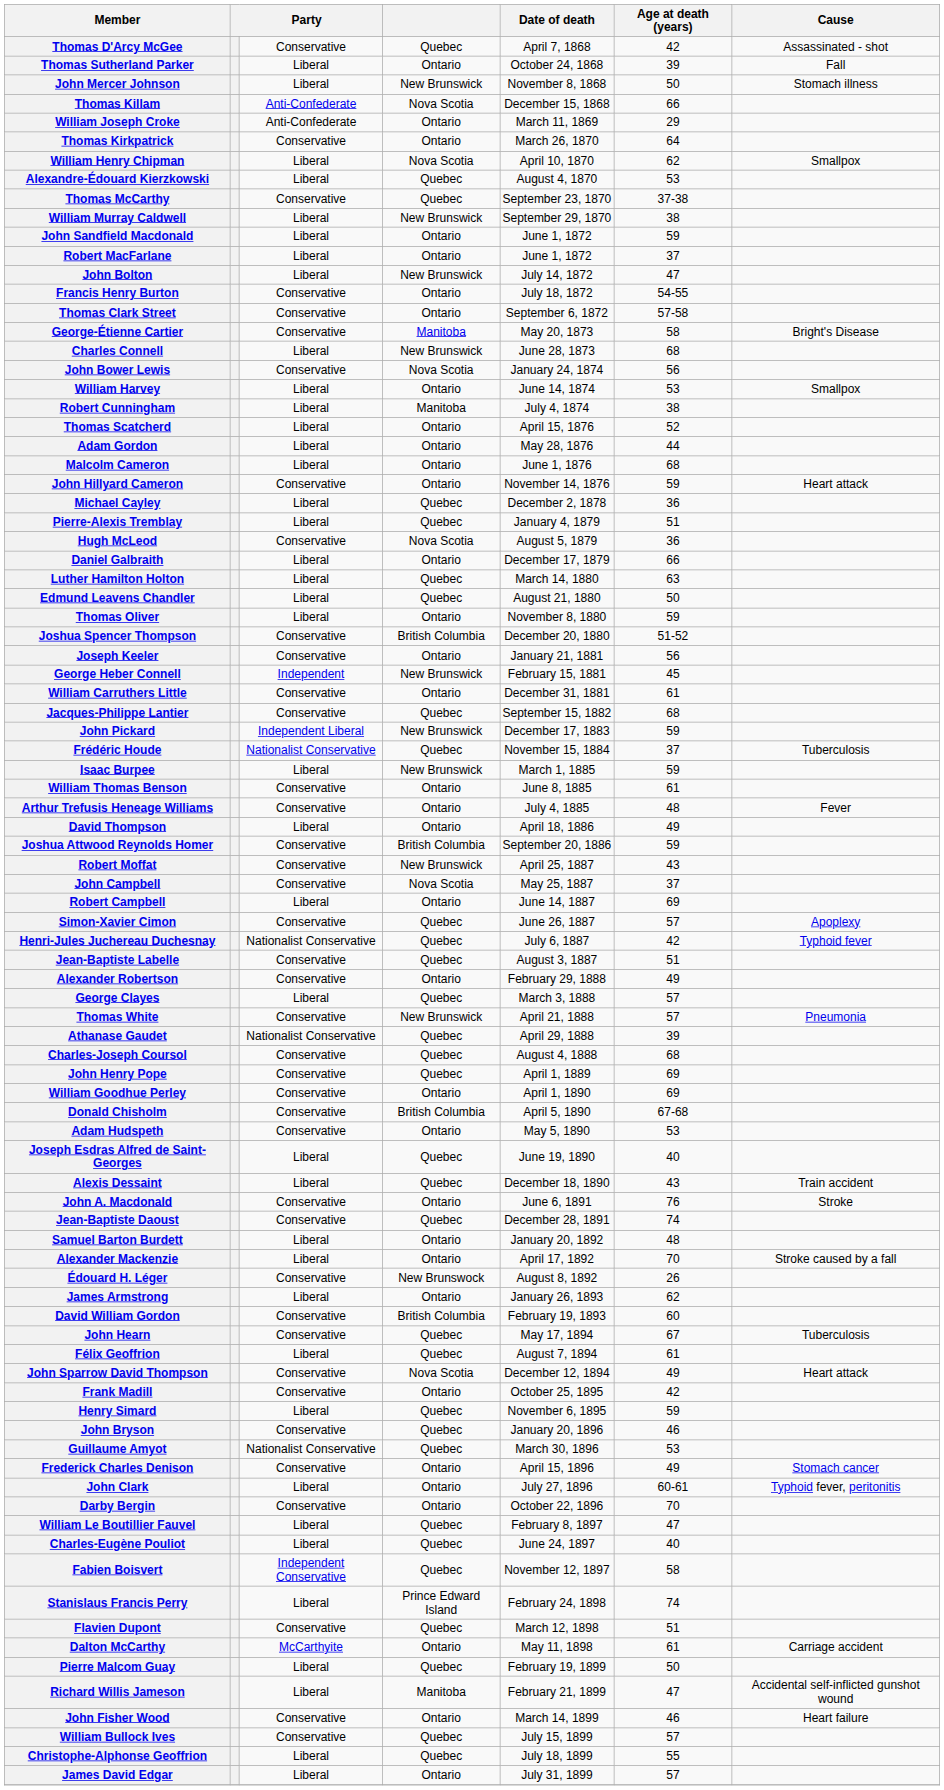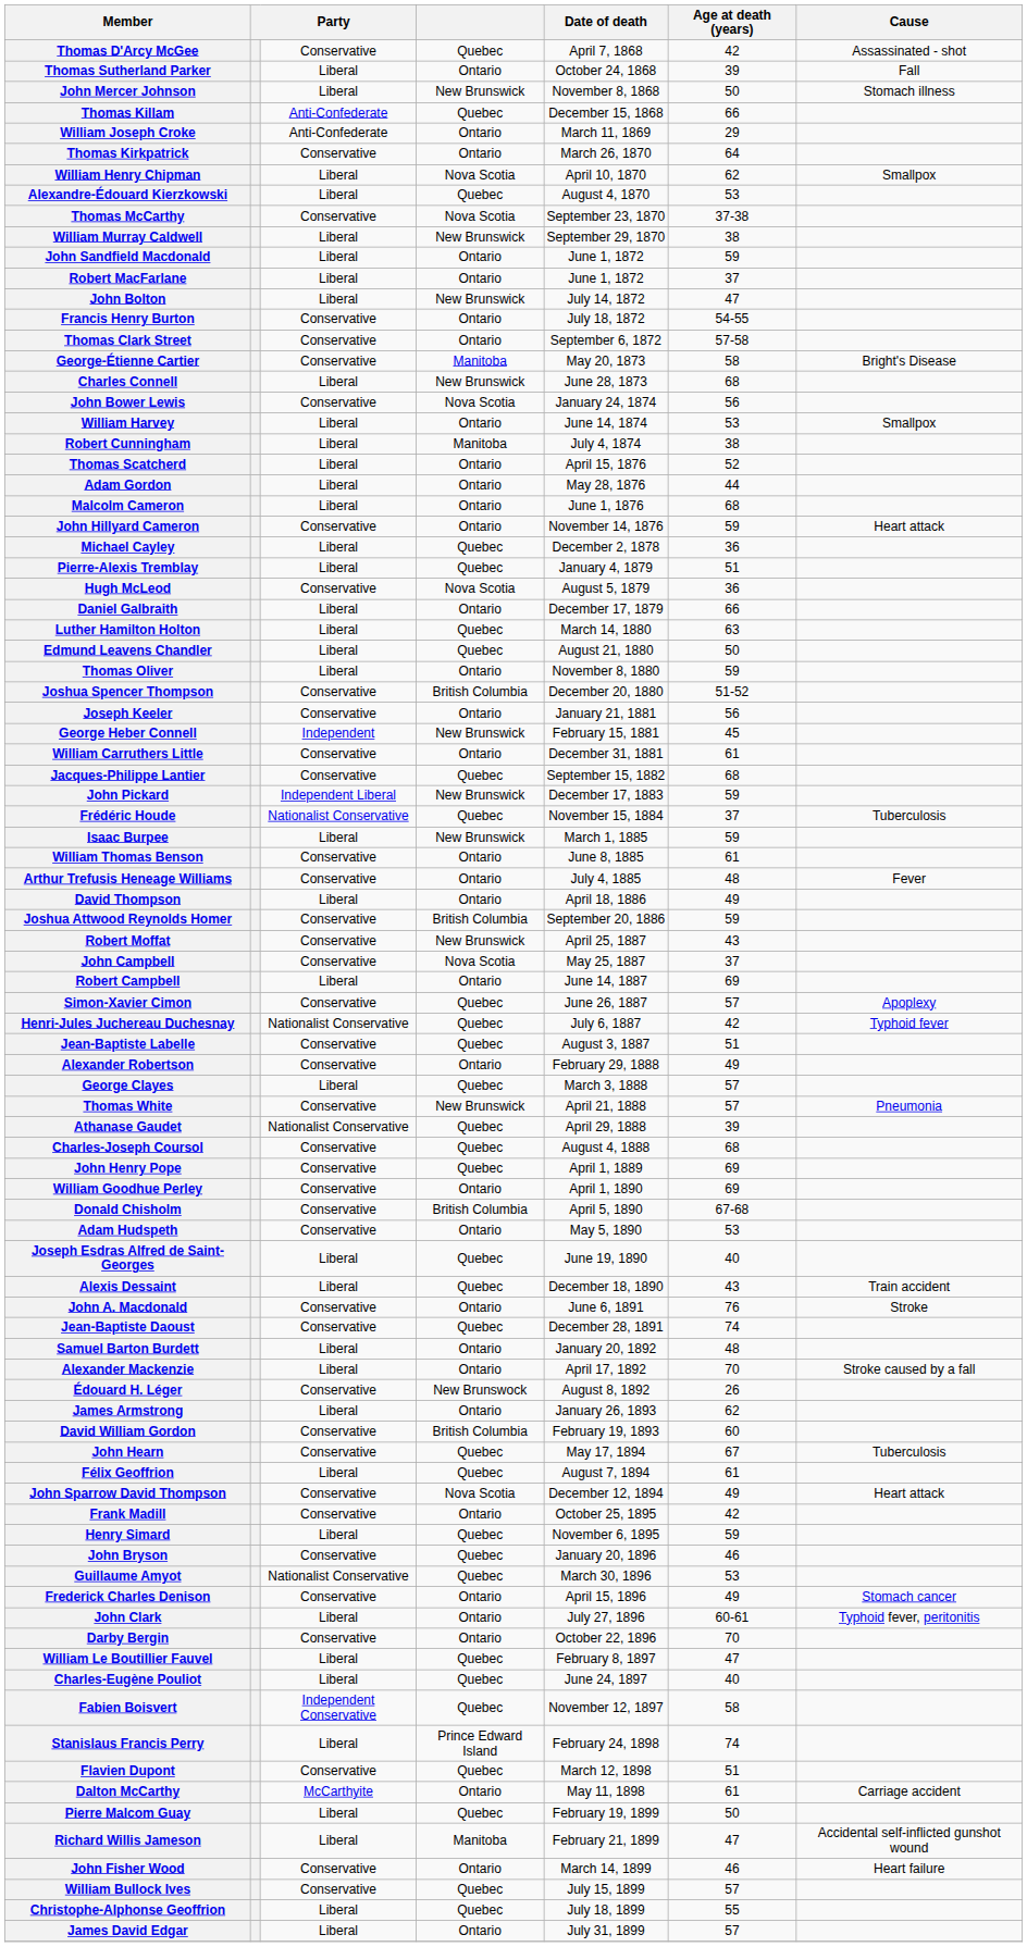 <table class="wikitable sortable" style="text-align:center">
 <tr>
 <th>Member</th>
 <th colspan=2>Party</th>
 <th></th>
 <th>Date of death</th>
 <th>Age at death (years)</th>
 <th>Cause</th>
 </tr>
 <tr>
 <th><a href='#'>Thomas D'Arcy McGee</a></th>
 <th style="background:"> </th>
 <td>Conservative</td>
 <td>Quebec<br></td>
 <td nowrap>April 7, 1868</td>
 <td nowrap>42</td>
 <td>Assassinated - shot</td>
 </tr>
 <tr>
 <th><a href='#'>Thomas Sutherland Parker</a></th>
 <th style="background:"> </th>
 <td>Liberal</td>
 <td>Ontario<br></td>
 <td nowrap>October 24, 1868</td>
 <td nowrap>39</td>
 <td>Fall</td>
 </tr>
 <tr>
 <th><a href='#'>John Mercer Johnson</a></th>
 <th style="background:"> </th>
 <td>Liberal</td>
 <td>New Brunswick<br></td>
 <td nowrap>November 8, 1868</td>
 <td nowrap>50</td>
 <td>Stomach illness</td>
 </tr>
 <tr>
 <th><a href='#'>Thomas Killam</a></th>
 <th style="background:"> </th>
 <td><a href='#'>Anti-Confederate</a></td>
-<td>Nova Scotia<br></td>
+<td>Quebec<br></td>
 <td nowrap>December 15, 1868</td>
 <td nowrap>66</td>
 <td></td>
 </tr>
 <tr>
 <th><a href='#'>William Joseph Croke</a></th>
 <th style="background:"> </th>
 <td>Anti-Confederate</td>
 <td>Ontario<br></td>
 <td nowrap>March 11, 1869</td>
 <td nowrap>29</td>
 <td></td>
 </tr>
 <tr>
 <th><a href='#'>Thomas Kirkpatrick</a></th>
 <th style="background:"> </th>
 <td>Conservative</td>
 <td>Ontario<br></td>
 <td nowrap>March 26, 1870</td>
 <td nowrap>64</td>
 <td></td>
 </tr>
 <tr>
 <th><a href='#'>William Henry Chipman</a></th>
 <th style="background:"> </th>
 <td>Liberal</td>
 <td>Nova Scotia<br></td>
 <td nowrap>April 10, 1870</td>
 <td nowrap>62</td>
 <td>Smallpox</td>
 </tr>
 <tr>
 <th><a href='#'>Alexandre-Édouard Kierzkowski</a></th>
 <th style="background:"> </th>
 <td>Liberal</td>
 <td>Quebec<br></td>
 <td nowrap>August 4, 1870</td>
 <td nowrap>53</td>
 <td></td>
 </tr>
 <tr>
 <th><a href='#'>Thomas McCarthy</a></th>
 <th style="background:"> </th>
 <td>Conservative</td>
-<td>Quebec<br></td>
+<td>Nova Scotia<br></td>
 <td nowrap>September 23, 1870</td>
 <td nowrap>37-38</td>
 <td></td>
 </tr>
 <tr>
 <th><a href='#'>William Murray Caldwell</a></th>
 <th style="background:"> </th>
 <td>Liberal</td>
 <td>New Brunswick<br></td>
 <td nowrap>September 29, 1870</td>
 <td nowrap>38</td>
 <td></td>
 </tr>
 <tr>
 <th><a href='#'>John Sandfield Macdonald</a></th>
 <th style="background:"> </th>
 <td>Liberal</td>
 <td>Ontario<br></td>
 <td nowrap>June 1, 1872</td>
 <td nowrap>59</td>
 <td></td>
 </tr>
 <tr>
 <th><a href='#'>Robert MacFarlane</a></th>
 <th style="background:"> </th>
 <td>Liberal</td>
 <td>Ontario<br></td>
 <td nowrap>June 1, 1872</td>
 <td nowrap>37</td>
 <td></td>
 </tr>
 <tr>
 <th><a href='#'>John Bolton</a></th>
 <th style="background:"> </th>
 <td>Liberal</td>
 <td>New Brunswick<br></td>
 <td nowrap>July 14, 1872</td>
 <td nowrap>47</td>
 <td></td>
 </tr>
 <tr>
 <th><a href='#'>Francis Henry Burton</a></th>
 <th style="background:"> </th>
 <td>Conservative</td>
 <td>Ontario<br></td>
 <td nowrap>July 18, 1872</td>
 <td nowrap>54-55</td>
 <td></td>
 </tr>
 <tr>
 <th><a href='#'>Thomas Clark Street</a></th>
 <th style="background:"> </th>
 <td>Conservative</td>
 <td>Ontario<br></td>
 <td nowrap>September 6, 1872</td>
 <td nowrap>57-58</td>
 <td></td>
 </tr>
 <tr>
 <th><a href='#'>George-Étienne Cartier</a></th>
 <th style="background:"> </th>
 <td>Conservative</td>
 <td><a href='#'>Manitoba</a><br></td>
 <td nowrap>May 20, 1873</td>
 <td nowrap>58</td>
 <td>Bright's Disease</td>
 </tr>
 <tr>
 <th><a href='#'>Charles Connell</a></th>
 <th style="background:"> </th>
 <td>Liberal</td>
 <td>New Brunswick<br></td>
 <td nowrap>June 28, 1873</td>
 <td nowrap>68</td>
 <td></td>
 </tr>
 <tr>
 <th><a href='#'>John Bower Lewis</a></th>
 <th style="background:"> </th>
 <td>Conservative</td>
 <td>Nova Scotia<br></td>
 <td nowrap>January 24, 1874</td>
 <td nowrap>56</td>
 <td></td>
 </tr>
 <tr>
 <th><a href='#'>William Harvey</a></th>
 <th style="background:"> </th>
 <td>Liberal</td>
 <td>Ontario<br></td>
 <td nowrap>June 14, 1874</td>
 <td nowrap>53</td>
 <td>Smallpox</td>
 </tr>
 <tr>
 <th><a href='#'>Robert Cunningham</a></th>
 <th style="background:"> </th>
 <td>Liberal</td>
 <td>Manitoba<br></td>
 <td nowrap>July 4, 1874</td>
 <td nowrap>38</td>
 <td></td>
 </tr>
 <tr>
 <th><a href='#'>Thomas Scatcherd</a></th>
 <th style="background:"> </th>
 <td>Liberal</td>
 <td>Ontario<br></td>
 <td nowrap>April 15, 1876</td>
 <td nowrap>52</td>
 <td></td>
 </tr>
 <tr>
 <th><a href='#'>Adam Gordon</a></th>
 <th style="background:"> </th>
 <td>Liberal</td>
 <td>Ontario<br></td>
 <td nowrap>May 28, 1876</td>
 <td nowrap>44</td>
 <td></td>
 </tr>
 <tr>
 <th><a href='#'>Malcolm Cameron</a></th>
 <th style="background:"> </th>
 <td>Liberal</td>
 <td>Ontario<br></td>
 <td nowrap>June 1, 1876</td>
 <td nowrap>68</td>
 <td></td>
 </tr>
 <tr>
 <th><a href='#'>John Hillyard Cameron</a></th>
 <th style="background:"> </th>
 <td>Conservative</td>
 <td>Ontario<br></td>
 <td nowrap>November 14, 1876</td>
 <td nowrap>59</td>
 <td>Heart attack</td>
 </tr>
 <tr>
 <th><a href='#'>Michael Cayley</a></th>
 <th style="background:"> </th>
 <td>Liberal</td>
 <td>Quebec<br></td>
 <td nowrap>December 2, 1878</td>
 <td nowrap>36</td>
 <td></td>
 </tr>
 <tr>
 <th><a href='#'>Pierre-Alexis Tremblay</a></th>
 <th style="background:"> </th>
 <td>Liberal</td>
 <td>Quebec<br></td>
 <td nowrap>January 4, 1879</td>
 <td nowrap>51</td>
 <td></td>
 </tr>
 <tr>
 <th><a href='#'>Hugh McLeod</a></th>
 <th style="background:"> </th>
 <td>Conservative</td>
 <td>Nova Scotia<br></td>
 <td nowrap>August 5, 1879</td>
 <td nowrap>36</td>
 <td></td>
 </tr>
 <tr>
 <th><a href='#'>Daniel Galbraith</a></th>
 <th style="background:"> </th>
 <td>Liberal</td>
 <td>Ontario<br></td>
 <td nowrap>December 17, 1879</td>
 <td nowrap>66</td>
 <td></td>
 </tr>
 <tr>
 <th><a href='#'>Luther Hamilton Holton</a></th>
 <th style="background:"> </th>
 <td>Liberal</td>
 <td>Quebec<br></td>
 <td nowrap>March 14, 1880</td>
 <td nowrap>63</td>
 <td></td>
 </tr>
 <tr>
 <th><a href='#'>Edmund Leavens Chandler</a></th>
 <th style="background:"> </th>
 <td>Liberal</td>
 <td>Quebec<br></td>
 <td nowrap>August 21, 1880</td>
 <td nowrap>50</td>
 <td></td>
 </tr>
 <tr>
 <th><a href='#'>Thomas Oliver</a></th>
 <th style="background:"> </th>
 <td>Liberal</td>
 <td>Ontario<br></td>
 <td nowrap>November 8, 1880</td>
 <td nowrap>59</td>
 <td></td>
 </tr>
 <tr>
 <th><a href='#'>Joshua Spencer Thompson</a></th>
 <th style="background:"> </th>
 <td>Conservative</td>
 <td>British Columbia<br></td>
 <td nowrap>December 20, 1880</td>
 <td nowrap>51-52</td>
 <td></td>
 </tr>
 <tr>
 <th><a href='#'>Joseph Keeler</a></th>
 <th style="background:"> </th>
 <td>Conservative</td>
 <td>Ontario<br></td>
 <td nowrap>January 21, 1881</td>
 <td nowrap>56</td>
 <td></td>
 </tr>
 <tr>
 <th><a href='#'>George Heber Connell</a></th>
 <th style="background:"> </th>
 <td><a href='#'>Independent</a></td>
 <td>New Brunswick<br></td>
 <td nowrap>February 15, 1881</td>
 <td nowrap>45</td>
 <td></td>
 </tr>
 <tr>
 <th><a href='#'>William Carruthers Little</a></th>
 <th style="background:"> </th>
 <td>Conservative</td>
 <td>Ontario<br></td>
 <td nowrap>December 31, 1881</td>
 <td nowrap>61</td>
 <td></td>
 </tr>
 <tr>
 <th><a href='#'>Jacques-Philippe Lantier</a></th>
 <th style="background:"> </th>
 <td>Conservative</td>
 <td>Quebec<br></td>
 <td nowrap>September 15, 1882</td>
 <td nowrap>68</td>
 <td></td>
 </tr>
 <tr>
 <th><a href='#'>John Pickard</a></th>
 <th style="background:"> </th>
 <td><a href='#'>Independent Liberal</a></td>
 <td>New Brunswick<br></td>
 <td nowrap>December 17, 1883</td>
 <td nowrap>59</td>
 <td></td>
 </tr>
 <tr>
 <th><a href='#'>Frédéric Houde</a></th>
 <th style="background:"> </th>
 <td><a href='#'>Nationalist Conservative</a></td>
 <td>Quebec<br></td>
 <td nowrap>November 15, 1884</td>
 <td nowrap>37</td>
 <td>Tuberculosis</td>
 </tr>
 <tr>
 <th><a href='#'>Isaac Burpee</a></th>
 <th style="background:"> </th>
 <td>Liberal</td>
 <td>New Brunswick<br></td>
 <td nowrap>March 1, 1885</td>
 <td nowrap>59</td>
 <td></td>
 </tr>
 <tr>
 <th><a href='#'>William Thomas Benson</a></th>
 <th style="background:"> </th>
 <td>Conservative</td>
 <td>Ontario<br></td>
 <td nowrap>June 8, 1885</td>
 <td nowrap>61</td>
 <td></td>
 </tr>
 <tr>
 <th><a href='#'>Arthur Trefusis Heneage Williams</a></th>
 <th style="background:"> </th>
 <td>Conservative</td>
 <td>Ontario<br></td>
 <td nowrap>July 4, 1885</td>
 <td nowrap>48</td>
 <td>Fever</td>
 </tr>
 <tr>
 <th><a href='#'>David Thompson</a></th>
 <th style="background:"> </th>
 <td>Liberal</td>
 <td>Ontario<br></td>
 <td nowrap>April 18, 1886</td>
 <td nowrap>49</td>
 <td></td>
 </tr>
 <tr>
 <th><a href='#'>Joshua Attwood Reynolds Homer</a></th>
 <th style="background:"> </th>
 <td>Conservative</td>
 <td>British Columbia<br></td>
 <td nowrap>September 20, 1886</td>
 <td nowrap>59</td>
 <td></td>
 </tr>
 <tr>
 <th><a href='#'>Robert Moffat</a></th>
 <th style="background:"> </th>
 <td>Conservative</td>
 <td>New Brunswick<br></td>
 <td nowrap>April 25, 1887</td>
 <td nowrap>43</td>
 <td></td>
 </tr>
 <tr>
 <th><a href='#'>John Campbell</a></th>
 <th style="background:"> </th>
 <td>Conservative</td>
 <td>Nova Scotia<br></td>
 <td nowrap>May 25, 1887</td>
 <td nowrap>37</td>
 <td></td>
 </tr>
 <tr>
 <th><a href='#'>Robert Campbell</a></th>
 <th style="background:"> </th>
 <td>Liberal</td>
 <td>Ontario<br></td>
 <td nowrap>June 14, 1887</td>
 <td nowrap>69</td>
 <td></td>
 </tr>
 <tr>
 <th><a href='#'>Simon-Xavier Cimon</a></th>
 <th style="background:"> </th>
 <td>Conservative</td>
 <td>Quebec<br></td>
 <td nowrap>June 26, 1887</td>
 <td nowrap>57</td>
 <td><a href='#'>Apoplexy</a></td>
 </tr>
 <tr>
 <th><a href='#'>Henri-Jules Juchereau Duchesnay</a></th>
 <th style="background:"> </th>
 <td>Nationalist Conservative</td>
 <td>Quebec<br></td>
 <td nowrap>July 6, 1887</td>
 <td nowrap>42</td>
 <td><a href='#'>Typhoid fever</a></td>
 </tr>
 <tr>
 <th><a href='#'>Jean-Baptiste Labelle</a></th>
 <th style="background:"> </th>
 <td>Conservative</td>
 <td>Quebec<br></td>
 <td nowrap>August 3, 1887</td>
 <td nowrap>51</td>
 <td></td>
 </tr>
 <tr>
 <th><a href='#'>Alexander Robertson</a></th>
 <th style="background:"> </th>
 <td>Conservative</td>
 <td>Ontario<br></td>
 <td nowrap>February 29, 1888</td>
 <td nowrap>49</td>
 <td></td>
 </tr>
 <tr>
 <th><a href='#'>George Clayes</a></th>
 <th style="background:"> </th>
 <td>Liberal</td>
 <td>Quebec<br></td>
 <td nowrap>March 3, 1888</td>
 <td nowrap>57</td>
 <td></td>
 </tr>
 <tr>
 <th><a href='#'>Thomas White</a></th>
 <th style="background:"> </th>
 <td>Conservative</td>
 <td>New Brunswick<br></td>
 <td nowrap>April 21, 1888</td>
 <td nowrap>57</td>
 <td><a href='#'>Pneumonia</a></td>
 </tr>
 <tr>
 <th><a href='#'>Athanase Gaudet</a></th>
 <th style="background:"> </th>
 <td>Nationalist Conservative</td>
 <td>Quebec<br></td>
 <td nowrap>April 29, 1888</td>
 <td nowrap>39</td>
 <td></td>
 </tr>
 <tr>
 <th><a href='#'>Charles-Joseph Coursol</a></th>
 <th style="background:"> </th>
 <td>Conservative</td>
 <td>Quebec<br></td>
 <td nowrap>August 4, 1888</td>
 <td nowrap>68</td>
 <td></td>
 </tr>
 <tr>
 <th><a href='#'>John Henry Pope</a></th>
 <th style="background:"> </th>
 <td>Conservative</td>
 <td>Quebec<br></td>
 <td nowrap>April 1, 1889</td>
 <td nowrap>69</td>
 <td></td>
 </tr>
 <tr>
 <th><a href='#'>William Goodhue Perley</a></th>
 <th style="background:"> </th>
 <td>Conservative</td>
 <td>Ontario<br></td>
 <td nowrap>April 1, 1890</td>
 <td nowrap>69</td>
 <td></td>
 </tr>
 <tr>
 <th><a href='#'>Donald Chisholm</a></th>
 <th style="background:"> </th>
 <td>Conservative</td>
 <td>British Columbia<br></td>
 <td nowrap>April 5, 1890</td>
 <td nowrap>67-68</td>
 <td></td>
 </tr>
 <tr>
 <th><a href='#'>Adam Hudspeth</a></th>
 <th style="background:"> </th>
 <td>Conservative</td>
 <td>Ontario<br></td>
 <td nowrap>May 5, 1890</td>
 <td nowrap>53</td>
 <td></td>
 </tr>
 <tr>
 <th><a href='#'>Joseph Esdras Alfred de Saint-Georges</a></th>
 <th style="background:"> </th>
 <td>Liberal</td>
 <td>Quebec<br></td>
 <td nowrap>June 19, 1890</td>
 <td nowrap>40</td>
 <td></td>
 </tr>
 <tr>
 <th><a href='#'>Alexis Dessaint</a></th>
 <th style="background:"> </th>
 <td>Liberal</td>
 <td>Quebec<br></td>
 <td nowrap>December 18, 1890</td>
 <td nowrap>43</td>
 <td>Train accident</td>
 </tr>
 <tr>
 <th><a href='#'>John A. Macdonald</a></th>
 <th style="background:"> </th>
 <td>Conservative</td>
 <td>Ontario<br></td>
 <td nowrap>June 6, 1891</td>
 <td nowrap>76</td>
 <td>Stroke</td>
 </tr>
 <tr>
 <th><a href='#'>Jean-Baptiste Daoust</a></th>
 <th style="background:"> </th>
 <td>Conservative</td>
 <td>Quebec<br></td>
 <td nowrap>December 28, 1891</td>
 <td nowrap>74</td>
 <td></td>
 </tr>
 <tr>
 <th><a href='#'>Samuel Barton Burdett</a></th>
 <th style="background:"> </th>
 <td>Liberal</td>
 <td>Ontario<br></td>
 <td nowrap>January 20, 1892</td>
 <td nowrap>48</td>
 <td></td>
 </tr>
 <tr>
 <th><a href='#'>Alexander Mackenzie</a></th>
 <th style="background:"> </th>
 <td>Liberal</td>
 <td>Ontario<br></td>
 <td nowrap>April 17, 1892</td>
 <td nowrap>70</td>
 <td>Stroke caused by a fall</td>
 </tr>
 <tr>
 <th><a href='#'>Édouard H. Léger</a></th>
 <th style="background:"> </th>
 <td>Conservative</td>
 <td>New Brunswock<br></td>
 <td nowrap>August 8, 1892</td>
 <td nowrap>26</td>
 <td></td>
 </tr>
 <tr>
 <th><a href='#'>James Armstrong</a></th>
 <th style="background:"> </th>
 <td>Liberal</td>
 <td>Ontario<br></td>
 <td nowrap>January 26, 1893</td>
 <td nowrap>62</td>
 <td></td>
 </tr>
 <tr>
 <th><a href='#'>David William Gordon</a></th>
 <th style="background:"> </th>
 <td>Conservative</td>
 <td>British Columbia<br></td>
 <td nowrap>February 19, 1893</td>
 <td nowrap>60</td>
 <td></td>
 </tr>
 <tr>
 <th><a href='#'>John Hearn</a></th>
 <th style="background:"> </th>
 <td>Conservative</td>
 <td>Quebec<br></td>
 <td nowrap>May 17, 1894</td>
 <td nowrap>67</td>
 <td>Tuberculosis</td>
 </tr>
 <tr>
 <th><a href='#'>Félix Geoffrion</a></th>
 <th style="background:"> </th>
 <td>Liberal</td>
 <td>Quebec<br></td>
 <td nowrap>August 7, 1894</td>
 <td nowrap>61</td>
 <td></td>
 </tr>
 <tr>
 <th><a href='#'>John Sparrow David Thompson</a></th>
 <th style="background:"> </th>
 <td>Conservative</td>
 <td>Nova Scotia<br></td>
 <td nowrap>December 12, 1894</td>
 <td nowrap>49</td>
 <td>Heart attack</td>
 </tr>
 <tr>
 <th><a href='#'>Frank Madill</a></th>
 <th style="background:"> </th>
 <td>Conservative</td>
 <td>Ontario<br></td>
 <td nowrap>October 25, 1895</td>
 <td nowrap>42</td>
 <td></td>
 </tr>
 <tr>
 <th><a href='#'>Henry Simard</a></th>
 <th style="background:"> </th>
 <td>Liberal</td>
 <td>Quebec<br></td>
 <td nowrap>November 6, 1895</td>
 <td nowrap>59</td>
 <td></td>
 </tr>
 <tr>
 <th><a href='#'>John Bryson</a></th>
 <th style="background:"> </th>
 <td>Conservative</td>
 <td>Quebec<br></td>
 <td nowrap>January 20, 1896</td>
 <td nowrap>46</td>
 <td></td>
 </tr>
 <tr>
 <th><a href='#'>Guillaume Amyot</a></th>
 <th style="background:"> </th>
 <td>Nationalist Conservative</td>
 <td>Quebec<br></td>
 <td nowrap>March 30, 1896</td>
 <td nowrap>53</td>
 <td></td>
 </tr>
 <tr>
 <th><a href='#'>Frederick Charles Denison</a></th>
 <th style="background:"> </th>
 <td>Conservative</td>
 <td>Ontario<br></td>
 <td nowrap>April 15, 1896</td>
 <td nowrap>49</td>
 <td><a href='#'>Stomach cancer</a></td>
 </tr>
 <tr>
 <th><a href='#'>John Clark</a></th>
 <th style="background:"> </th>
 <td>Liberal</td>
 <td>Ontario<br></td>
 <td nowrap>July 27, 1896</td>
 <td nowrap>60-61</td>
 <td><a href='#'>Typhoid</a> fever, <a href='#'>peritonitis</a></td>
 </tr>
 <tr>
 <th><a href='#'>Darby Bergin</a></th>
 <th style="background:"> </th>
 <td>Conservative</td>
 <td>Ontario<br></td>
 <td nowrap>October 22, 1896</td>
 <td nowrap>70</td>
 <td></td>
 </tr>
 <tr>
 <th><a href='#'>William Le Boutillier Fauvel</a></th>
 <th style="background:"> </th>
 <td>Liberal</td>
 <td>Quebec<br></td>
 <td nowrap>February 8, 1897</td>
 <td nowrap>47</td>
 <td></td>
 </tr>
 <tr>
 <th><a href='#'>Charles-Eugène Pouliot</a></th>
 <th style="background:"> </th>
 <td>Liberal</td>
 <td>Quebec<br></td>
 <td nowrap>June 24, 1897</td>
 <td nowrap>40</td>
 <td></td>
 </tr>
 <tr>
 <th><a href='#'>Fabien Boisvert</a></th>
 <th style="background:"> </th>
 <td><a href='#'>Independent Conservative</a></td>
 <td>Quebec<br></td>
 <td nowrap>November 12, 1897</td>
 <td nowrap>58</td>
 <td></td>
 </tr>
 <tr>
 <th><a href='#'>Stanislaus Francis Perry</a></th>
 <th style="background:"> </th>
 <td>Liberal</td>
 <td>Prince Edward Island<br></td>
 <td nowrap>February 24, 1898</td>
 <td nowrap>74</td>
 <td></td>
 </tr>
 <tr>
 <th><a href='#'>Flavien Dupont</a></th>
 <th style="background:"> </th>
 <td>Conservative</td>
 <td>Quebec<br></td>
 <td nowrap>March 12, 1898</td>
 <td nowrap>51</td>
 <td></td>
 </tr>
 <tr>
 <th><a href='#'>Dalton McCarthy</a></th>
 <th style="background:"> </th>
 <td><a href='#'>McCarthyite</a></td>
 <td>Ontario<br></td>
 <td nowrap>May 11, 1898</td>
 <td nowrap>61</td>
 <td>Carriage accident</td>
 </tr>
 <tr>
 <th><a href='#'>Pierre Malcom Guay</a></th>
 <th style="background:"> </th>
 <td>Liberal</td>
 <td>Quebec<br></td>
 <td nowrap>February 19, 1899</td>
 <td nowrap>50</td>
 <td></td>
 </tr>
 <tr>
 <th><a href='#'>Richard Willis Jameson</a></th>
 <th style="background:"> </th>
 <td>Liberal</td>
 <td>Manitoba<br></td>
 <td nowrap>February 21, 1899</td>
 <td nowrap>47</td>
 <td>Accidental self-inflicted gunshot wound</td>
 </tr>
 <tr>
 <th><a href='#'>John Fisher Wood</a></th>
 <th style="background:"> </th>
 <td>Conservative</td>
 <td>Ontario<br></td>
 <td nowrap>March 14, 1899</td>
 <td nowrap>46</td>
 <td>Heart failure</td>
 </tr>
 <tr>
 <th><a href='#'>William Bullock Ives</a></th>
 <th style="background:"> </th>
 <td>Conservative</td>
 <td>Quebec<br></td>
 <td nowrap>July 15, 1899</td>
 <td nowrap>57</td>
 <td></td>
 </tr>
 <tr>
 <th><a href='#'>Christophe-Alphonse Geoffrion</a></th>
 <th style="background:"> </th>
 <td>Liberal</td>
 <td>Quebec<br></td>
 <td nowrap>July 18, 1899</td>
 <td nowrap>55</td>
 <td></td>
 </tr>
 <tr>
 <th><a href='#'>James David Edgar</a></th>
 <th style="background:"> </th>
 <td>Liberal</td>
 <td>Ontario<br></td>
 <td nowrap>July 31, 1899</td>
 <td nowrap>57</td>
 <td></td>
 </tr>
 <tr>
 </tr>
 </table>
